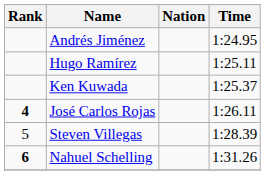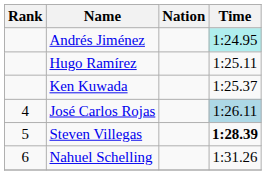 <table class="wikitable" style="text-align:center">
 <tr>
 <th>Rank</th>
 <th>Name</th>
 <th>Nation</th>
 <th>Time</th>
 </tr>
 <tr>
 <td></td>
 <td align=left><a href='#'>Andrés Jiménez</a></td>
 <td align=left></td>
-<td>1:24.95</td>
+<td style="background: paleturquoise;">1:24.95</td>
 </tr>
 <tr>
 <td></td>
 <td align=left><a href='#'>Hugo Ramírez</a></td>
 <td align=left></td>
 <td>1:25.11</td>
 </tr>
 <tr>
 <td></td>
 <td align=left><a href='#'>Ken Kuwada</a></td>
 <td align=left></td>
 <td>1:25.37</td>
 </tr>
 <tr>
-<td><strong>4</strong></td>
+<td>4</td>
 <td align=left><a href='#'>José Carlos Rojas</a></td>
 <td align=left></td>
-<td>1:26.11</td>
+<td style="background: lightblue;">1:26.11</td>
 </tr>
 <tr>
 <td>5</td>
 <td align=left><a href='#'>Steven Villegas</a></td>
 <td align=left></td>
-<td>1:28.39</td>
+<td><strong>1:28.39</strong></td>
 </tr>
 <tr>
-<td><strong>6</strong></td>
+<td>6</td>
 <td align=left><a href='#'>Nahuel Schelling</a></td>
 <td align=left></td>
 <td>1:31.26</td>
 </tr>
 <tr>
 </tr>
 </table>
